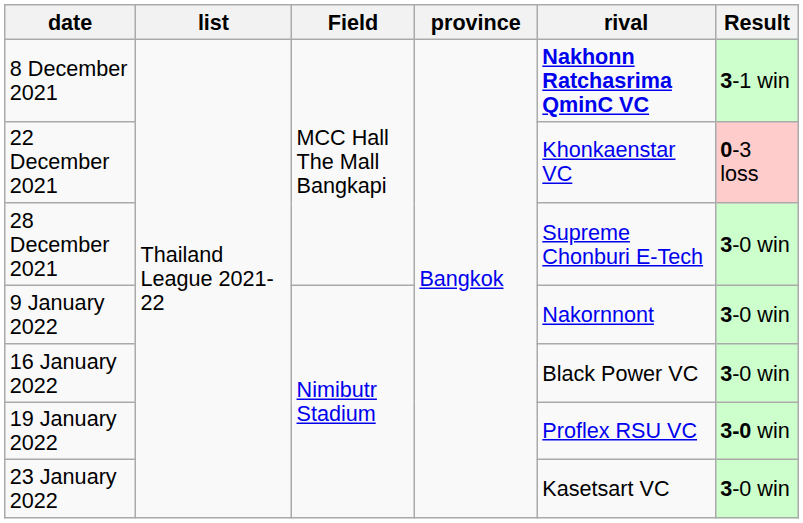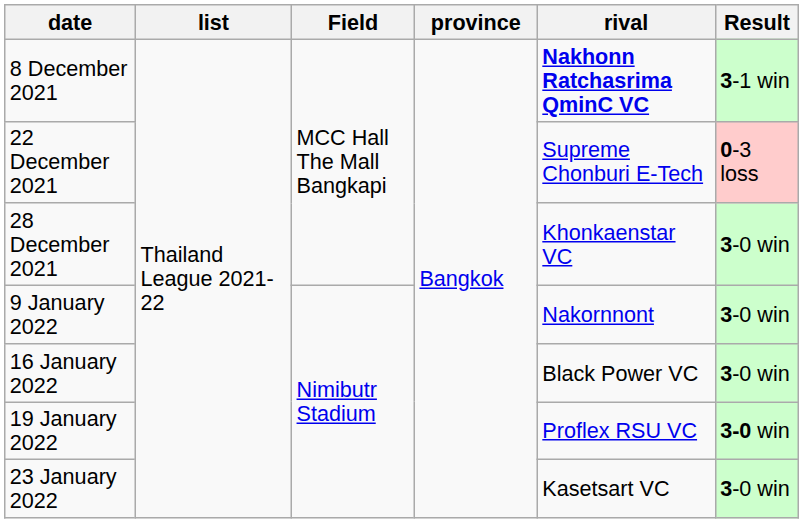 <table class="wikitable" style="font-size:90%; width:60%;">
 <tr>
 <th style="width:10em">date</th>
 <th style="width:20em">list</th>
 <th style="width:10em">Field</th>
 <th style="width:10em">province</th>
 <th style="width:15em">rival</th>
 <th style="width:5em">Result</th>
 </tr>
 <tr>
 <td>8 December 2021</td>
 <td rowspan="7">Thailand League 2021-22</td>
 <td rowspan="3"> MCC Hall The Mall Bangkapi</td>
 <td rowspan="7"><a href='#'>Bangkok</a></td>
 <td><strong><a href='#'>Nakhonn Ratchasrima QminC VC</a></strong></td>
 <td bgcolor="#ccffcc" width="10px"><strong>3</strong>-1 win</td>
 </tr>
 <tr>
 <td>22 December 2021</td>
-<td><a href='#'>Khonkaenstar VC</a></td>
+<td><a href='#'>Supreme Chonburi E-Tech</a></td>
 <td width="10px" bgcolor="#ffcccc"><strong>0</strong>-3 loss</td>
 </tr>
 <tr>
 <td>28 December 2021</td>
-<td><a href='#'>Supreme Chonburi E-Tech</a></td>
+<td><a href='#'>Khonkaenstar VC</a></td>
 <td bgcolor="#ccffcc" width="10px"><strong>3</strong>-0 win</td>
 </tr>
 <tr>
 <td>9 January 2022</td>
 <td rowspan="4"> <a href='#'>Nimibutr Stadium</a></td>
 <td><a href='#'>Nakornnont</a></td>
 <td bgcolor="#ccffcc" width="10px"><strong>3</strong>-0 win</td>
 </tr>
 <tr>
 <td>16 January 2022</td>
 <td>Black Power VC</td>
 <td bgcolor="#ccffcc" width="10px"><strong>3</strong>-0 win</td>
 </tr>
 <tr>
 <td>19 January 2022</td>
 <td><a href='#'>Proflex RSU VC</a></td>
 <td bgcolor="#ccffcc" width="10px"><strong>3-0</strong> win</td>
 </tr>
 <tr>
 <td>23 January 2022</td>
 <td>Kasetsart VC</td>
 <td bgcolor="#ccffcc" width="10px"><strong>3</strong>-0 win</td>
 </tr>
 </table>
